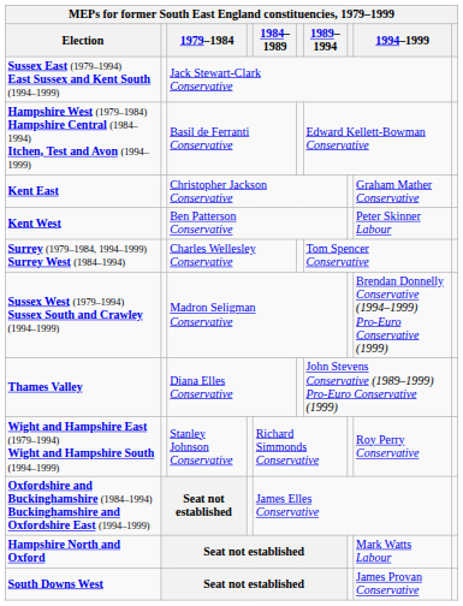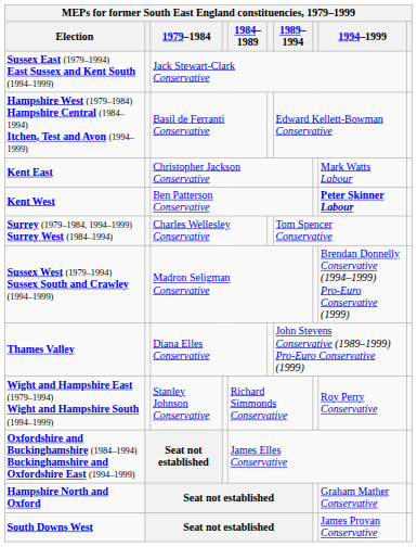 <table class="wikitable">
 <tr>
 <th colspan = 10>MEPs for former South East England constituencies, 1979–1999</th>
 </tr>
 <tr>
 <th>Election</th>
 <th style="width:1px;"></th>
 <th><a href='#'>1979</a>–1984</th>
 <th style="width:1px;"></th>
 <th><a href='#'>1984</a>–1989</th>
 <th style="width:1px;"></th>
 <th><a href='#'>1989</a>–1994</th>
 <th style="width:1px;"></th>
 <th><a href='#'>1994</a>–1999</th>
 <th style="width:1px;"></th>
 </tr>
 <tr>
 <td><strong><a href='#'>Sussex East</a></strong> <small>(1979–1994)</small><br><strong><a href='#'>East Sussex and Kent South</a></strong> <small>(1994–1999)</small></td>
 <td width=1px style="background-color: "></td>
 <td colspan = 7><a href='#'>Jack Stewart-Clark</a><br><em><a href='#'>Conservative</a></em></td>
 <td width=1px style="background-color: "></td>
 </tr>
 <tr>
 <td><strong><a href='#'>Hampshire West</a></strong> <small>(1979–1984)</small><br><strong><a href='#'>Hampshire Central</a></strong> <small>(1984–1994)</small><br><strong><a href='#'>Itchen, Test and Avon</a></strong> <small>(1994–1999)</small></td>
 <td width=1px style="background-color: "></td>
 <td colspan = 3><a href='#'>Basil de Ferranti</a><br><em><a href='#'>Conservative</a></em></td>
 <td width=1px style="background-color: "></td>
 <td colspan = 3><a href='#'>Edward Kellett-Bowman</a><br><em><a href='#'>Conservative</a></em></td>
 <td width=1px style="background-color: "></td>
 </tr>
 <tr>
 <td><strong><a href='#'>Kent East</a></strong></td>
 <td width=1px style="background-color: "></td>
 <td colspan = 5><a href='#'>Christopher Jackson</a><br><em><a href='#'>Conservative</a></em></td>
 <td width=1px style="background-color: "></td>
-<td><a href='#'>Graham Mather</a><br><em><a href='#'>Conservative</a></em></td>
+<td><a href='#'>Mark Watts</a><br><em><a href='#'>Labour</a></em></td>
 <td width=1px style="background-color: "></td>
 </tr>
 <tr>
 <td><strong><a href='#'>Kent West</a></strong></td>
 <td width=1px style="background-color: "></td>
 <td colspan = 5><a href='#'>Ben Patterson</a><br><em><a href='#'>Conservative</a></em></td>
 <td width=1px style="background-color: "></td>
-<td><a href='#'>Peter Skinner</a><br><em><a href='#'>Labour</a></em></td>
+<td><strong><a href='#'>Peter Skinner</a><br><em><a href='#'>Labour</a></em></strong></td>
 <td width=1px style="background-color: "></td>
 </tr>
 <tr>
 <td><strong><a href='#'>Surrey</a></strong> <small>(1979–1984, 1994–1999)</small><br><strong><a href='#'>Surrey West</a></strong> <small>(1984–1994)</small></td>
 <td width=1px style="background-color: "></td>
 <td colspan = 3><a href='#'>Charles Wellesley</a><br><em><a href='#'>Conservative</a></em></td>
 <td width=1px style="background-color: "></td>
 <td colspan = 3><a href='#'>Tom Spencer</a><br><em><a href='#'>Conservative</a></em></td>
 <td width=1px style="background-color: "></td>
 </tr>
 <tr>
 <td><strong><a href='#'>Sussex West</a></strong> <small>(1979–1994)</small><br><strong><a href='#'>Sussex South and Crawley</a></strong> <small>(1994–1999)</small></td>
 <td width=1px style="background-color: "></td>
 <td colspan = 5><a href='#'>Madron Seligman</a><br><em><a href='#'>Conservative</a></em></td>
 <td width=1px style="background-color: "></td>
 <td><a href='#'>Brendan Donnelly</a><br><em><a href='#'>Conservative</a> (1994–1999)</em><br><em><a href='#'>Pro-Euro Conservative</a> (1999)</em></td>
 <td width=1px style="background-color: "></td>
 </tr>
 <tr>
 <td><strong><a href='#'>Thames Valley</a></strong></td>
 <td width=1px style="background-color: "></td>
 <td colspan = 3><a href='#'>Diana Elles</a><br><em><a href='#'>Conservative</a></em></td>
 <td width=1px style="background-color: "></td>
 <td colspan = 3><a href='#'>John Stevens</a><br><em><a href='#'>Conservative</a> (1989–1999)</em><br><em><a href='#'>Pro-Euro Conservative</a> (1999)</em></td>
 <td width=1px style="background-color: "></td>
 </tr>
 <tr>
 <td><strong><a href='#'>Wight and Hampshire East</a></strong> <small>(1979–1994)</small><br><strong><a href='#'>Wight and Hampshire South</a></strong> <small>(1994–1999)</small></td>
 <td width=1px style="background-color: "></td>
 <td><a href='#'>Stanley Johnson</a><br><em><a href='#'>Conservative</a></em></td>
 <td width=1px style="background-color: "></td>
 <td colspan = 3><a href='#'>Richard Simmonds</a><br><em><a href='#'>Conservative</a></em></td>
 <td width=1px style="background-color: "></td>
 <td><a href='#'>Roy Perry</a><br><em><a href='#'>Conservative</a></em></td>
 <td width=1px style="background-color: "></td>
 </tr>
 <tr>
 <td><strong><a href='#'>Oxfordshire and Buckinghamshire</a></strong> <small>(1984–1994)</small><br><strong><a href='#'>Buckinghamshire and Oxfordshire East</a></strong> <small>(1994–1999)</small></td>
 <th colspan = 2>Seat not established</th>
 <td width=1px style="background-color: "></td>
 <td colspan = 5><a href='#'>James Elles</a><br><em><a href='#'>Conservative</a></em></td>
 <td width=1px style="background-color: "></td>
 </tr>
 <tr>
 <td><strong><a href='#'>Hampshire North and Oxford</a></strong></td>
 <th colspan = 6>Seat not established</th>
 <td width=1px style="background-color: "></td>
-<td><a href='#'>Mark Watts</a><br><em><a href='#'>Labour</a></em></td>
+<td><a href='#'>Graham Mather</a><br><em><a href='#'>Conservative</a></em></td>
 <td width=1px style="background-color: "></td>
 </tr>
 <tr>
 <td><strong><a href='#'>South Downs West</a></strong></td>
 <th colspan = 6>Seat not established</th>
 <td width=1px style="background-color: "></td>
 <td><a href='#'>James Provan</a><br><em><a href='#'>Conservative</a></em></td>
 <td width=1px style="background-color: "></td>
 </tr>
 </table>
